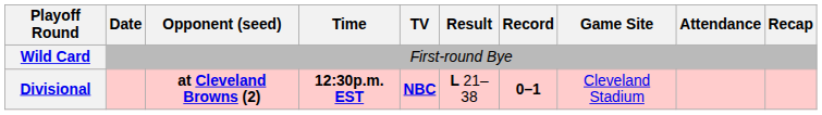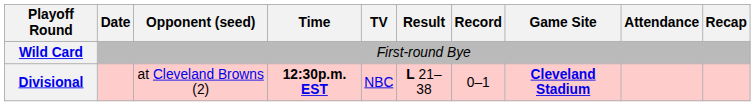 <table class="wikitable" style="text-align:center">
 <tr>
 <th>Playoff Round</th>
 <th>Date</th>
 <th>Opponent (seed)</th>
 <th>Time</th>
 <th>TV</th>
 <th>Result</th>
 <th>Record</th>
 <th>Game Site</th>
 <th>Attendance</th>
 <th>Recap</th>
 </tr>
 <tr style="background:#bababa">
 <th><a href='#'>Wild Card</a></th>
 <td colspan="9" align="center"><em>First-round Bye</em></td>
 </tr>
 <tr style="background:#fcc">
 <th><a href='#'>Divisional</a></th>
 <td></td>
-<td><strong>at <a href='#'>Cleveland Browns</a> (2)</strong></td>
+<td>at <a href='#'>Cleveland Browns</a> (2)</td>
 <td><strong>12:30p.m. <a href='#'>EST</a></strong></td>
-<td><strong><a href='#'>NBC</a></strong></td>
+<td><a href='#'>NBC</a></td>
 <td><strong>L</strong> 21–38</td>
-<td><strong>0–1</strong></td>
-<td><a href='#'>Cleveland Stadium</a></td>
+<td>0–1</td>
+<td><strong><a href='#'>Cleveland Stadium</a></strong></td>
 <td></td>
 <td></td>
 </tr>
 </table>
